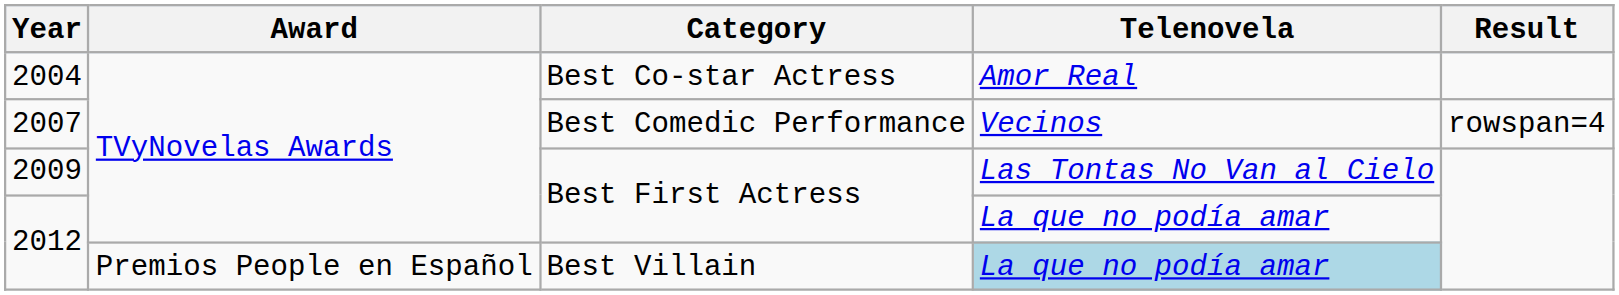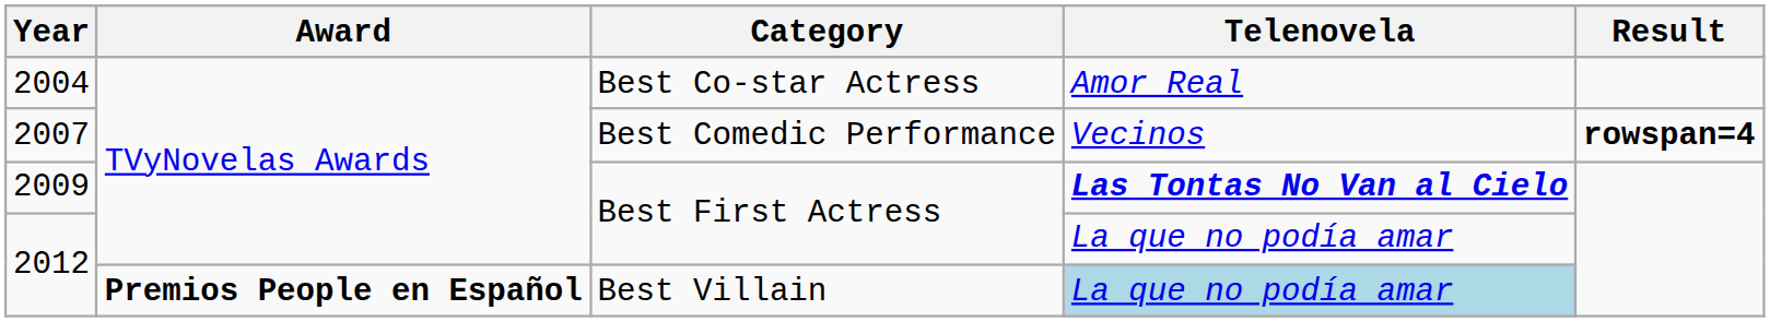 <table class="wikitable">
 <tr style="background:#b0c4de;">
 <th>Year</th>
 <th>Award</th>
 <th>Category</th>
 <th>Telenovela</th>
 <th>Result</th>
 </tr>
 <tr>
 <td>2004</td>
 <td rowspan=4><a href='#'>TVyNovelas Awards</a></td>
 <td>Best Co-star Actress</td>
 <td><em><a href='#'>Amor Real</a></em></td>
 <td></td>
 </tr>
 <tr>
 <td>2007</td>
 <td>Best Comedic Performance</td>
 <td><em><a href='#'>Vecinos</a></em></td>
-<td>rowspan=4 </td>
+<td><strong>rowspan=4 </strong></td>
 </tr>
 <tr>
 <td>2009</td>
 <td rowspan=2>Best First Actress</td>
-<td><em><a href='#'>Las Tontas No Van al Cielo</a></em></td>
+<td><strong><em><a href='#'>Las Tontas No Van al Cielo</a></em></strong></td>
 </tr>
 <tr>
 <td rowspan=2>2012</td>
 <td><em><a href='#'>La que no podía amar</a></em></td>
 </tr>
 <tr>
-<td>Premios People en Español</td>
+<td><strong>Premios People en Español</strong></td>
 <td>Best Villain</td>
 <td style="background: lightblue;"><em><a href='#'>La que no podía amar</a></em></td>
 </tr>
 </table>
